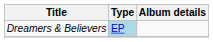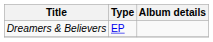 <table class="wikitable plainrowheaders">
 <tr>
 <th>Title</th>
 <th>Type</th>
 <th>Album details</th>
 </tr>
 <tr>
 <td><em>Dreamers & Believers</em></td>
-<td style="background: lightblue;"><a href='#'>EP</a></td>
+<td><a href='#'>EP</a></td>
 <td></td>
 </tr>
 <tr>
 </tr>
 </table>
